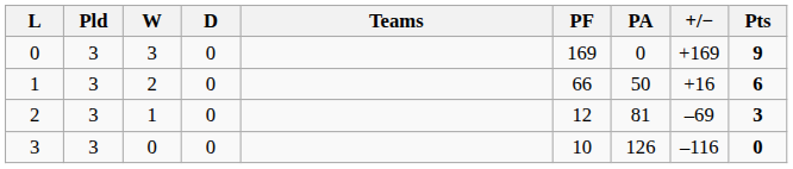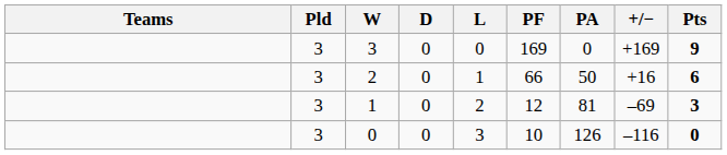 <table class="wikitable" style="text-align: center;">
 <tr>
-<th width="40">L</th>
+<th width="245">Teams</th>
 <th width="40">Pld</th>
 <th width="40">W</th>
 <th width="40">D</th>
-<th width="245">Teams</th>
+<th width="40">L</th>
 <th width="40">PF</th>
 <th width="40">PA</th>
 <th width="40">+/−</th>
 <th width="40">Pts</th>
 </tr>
 <tr>
-<td>0</td>
+<td align=left></td>
 <td>3</td>
 <td>3</td>
 <td>0</td>
-<td align=left></td>
+<td>0</td>
 <td>169</td>
 <td>0</td>
 <td>+169</td>
 <td><strong>9</strong></td>
 </tr>
 <tr>
-<td>1</td>
+<td align=left></td>
 <td>3</td>
 <td>2</td>
 <td>0</td>
-<td align=left></td>
+<td>1</td>
 <td>66</td>
 <td>50</td>
 <td>+16</td>
 <td><strong>6</strong></td>
 </tr>
 <tr>
-<td>2</td>
+<td align=left></td>
 <td>3</td>
 <td>1</td>
 <td>0</td>
-<td align=left></td>
+<td>2</td>
 <td>12</td>
 <td>81</td>
 <td>–69</td>
 <td><strong>3</strong></td>
 </tr>
 <tr>
-<td>3</td>
+<td align=left></td>
 <td>3</td>
 <td>0</td>
 <td>0</td>
-<td align=left></td>
+<td>3</td>
 <td>10</td>
 <td>126</td>
 <td>–116</td>
 <td><strong>0</strong></td>
 </tr>
 </table>
